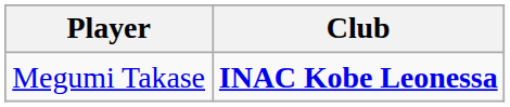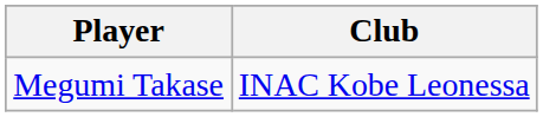 <table class="wikitable">
 <tr>
 <th>Player</th>
 <th>Club</th>
 </tr>
 <tr>
 <td> <a href='#'>Megumi Takase</a></td>
-<td><strong><a href='#'>INAC Kobe Leonessa</a></strong></td>
+<td><a href='#'>INAC Kobe Leonessa</a></td>
 </tr>
 </table>
